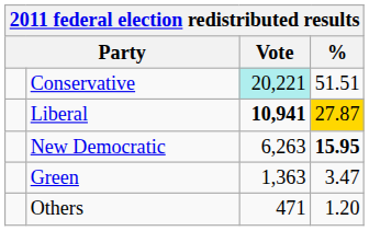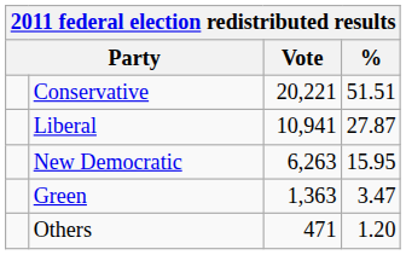 <table class="wikitable">
 <tr>
 <th colspan="4"><a href='#'>2011 federal election</a> redistributed results</th>
 </tr>
 <tr>
 <th bgcolor="#DDDDFF" width="130px" colspan="2">Party</th>
 <th bgcolor="#DDDDFF" width="50px">Vote</th>
 <th bgcolor="#DDDDFF" width="30px">%</th>
 </tr>
 <tr>
 <td> </td>
 <td><a href='#'>Conservative</a></td>
-<td align=right style="background: paleturquoise;">20,221</td>
+<td align=right>20,221</td>
 <td align=right>51.51</td>
 </tr>
 <tr>
 <td> </td>
 <td><a href='#'>Liberal</a></td>
-<td align=right><strong>10,941</strong></td>
-<td align=right style="background: gold;">27.87</td>
+<td align=right>10,941</td>
+<td align=right>27.87</td>
 </tr>
 <tr>
 <td> </td>
 <td><a href='#'>New Democratic</a></td>
 <td align=right>6,263</td>
-<td align=right><strong>15.95</strong></td>
+<td align=right>15.95</td>
 </tr>
 <tr>
 <td> </td>
 <td><a href='#'>Green</a></td>
 <td align=right>1,363</td>
 <td align=right>3.47</td>
 </tr>
 <tr>
 <td> </td>
 <td>Others</td>
 <td align=right>471</td>
 <td align=right>1.20</td>
 </tr>
 </table>
